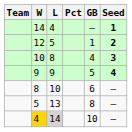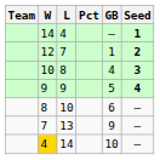 <table class=wikitable>
 <tr>
 <th>Team</th>
 <th>W</th>
 <th>L</th>
 <th>Pct</th>
 <th>GB</th>
 <th>Seed</th>
 </tr>
 <tr bgcolor=ccffcc>
 <td></td>
 <td>14</td>
 <td>4</td>
 <td></td>
 <td style="text-align:center;">—</td>
 <td style="text-align:center;"><strong>1</strong></td>
 </tr>
 <tr bgcolor=ccffcc>
 <td></td>
 <td>12</td>
-<td>5</td>
+<td>7</td>
 <td></td>
 <td style="text-align:center;">1</td>
 <td style="text-align:center;"><strong>2</strong></td>
 </tr>
 <tr bgcolor=ccffcc>
 <td></td>
 <td>10</td>
 <td>8</td>
 <td></td>
 <td style="text-align:center;">4</td>
 <td style="text-align:center;"><strong>3</strong></td>
 </tr>
 <tr bgcolor=ccffcc>
 <td></td>
 <td>9</td>
 <td>9</td>
 <td></td>
 <td style="text-align:center;">5</td>
 <td style="text-align:center;"><strong>4</strong></td>
 </tr>
 <tr>
 <td></td>
 <td>8</td>
 <td>10</td>
 <td></td>
 <td style="text-align:center;">6</td>
 <td style="text-align:center;">—</td>
 </tr>
 <tr>
 <td></td>
-<td>5</td>
+<td>7</td>
 <td>13</td>
 <td></td>
-<td style="text-align:center;">8</td>
+<td style="text-align:center;">9</td>
 <td style="text-align:center;">—</td>
 </tr>
 <tr>
 <td></td>
 <td style="background: gold;">4</td>
-<td style="background: lightgrey;">14</td>
+<td>14</td>
 <td></td>
 <td style="text-align:center;">10</td>
 <td style="text-align:center;">—</td>
 </tr>
 </table>
